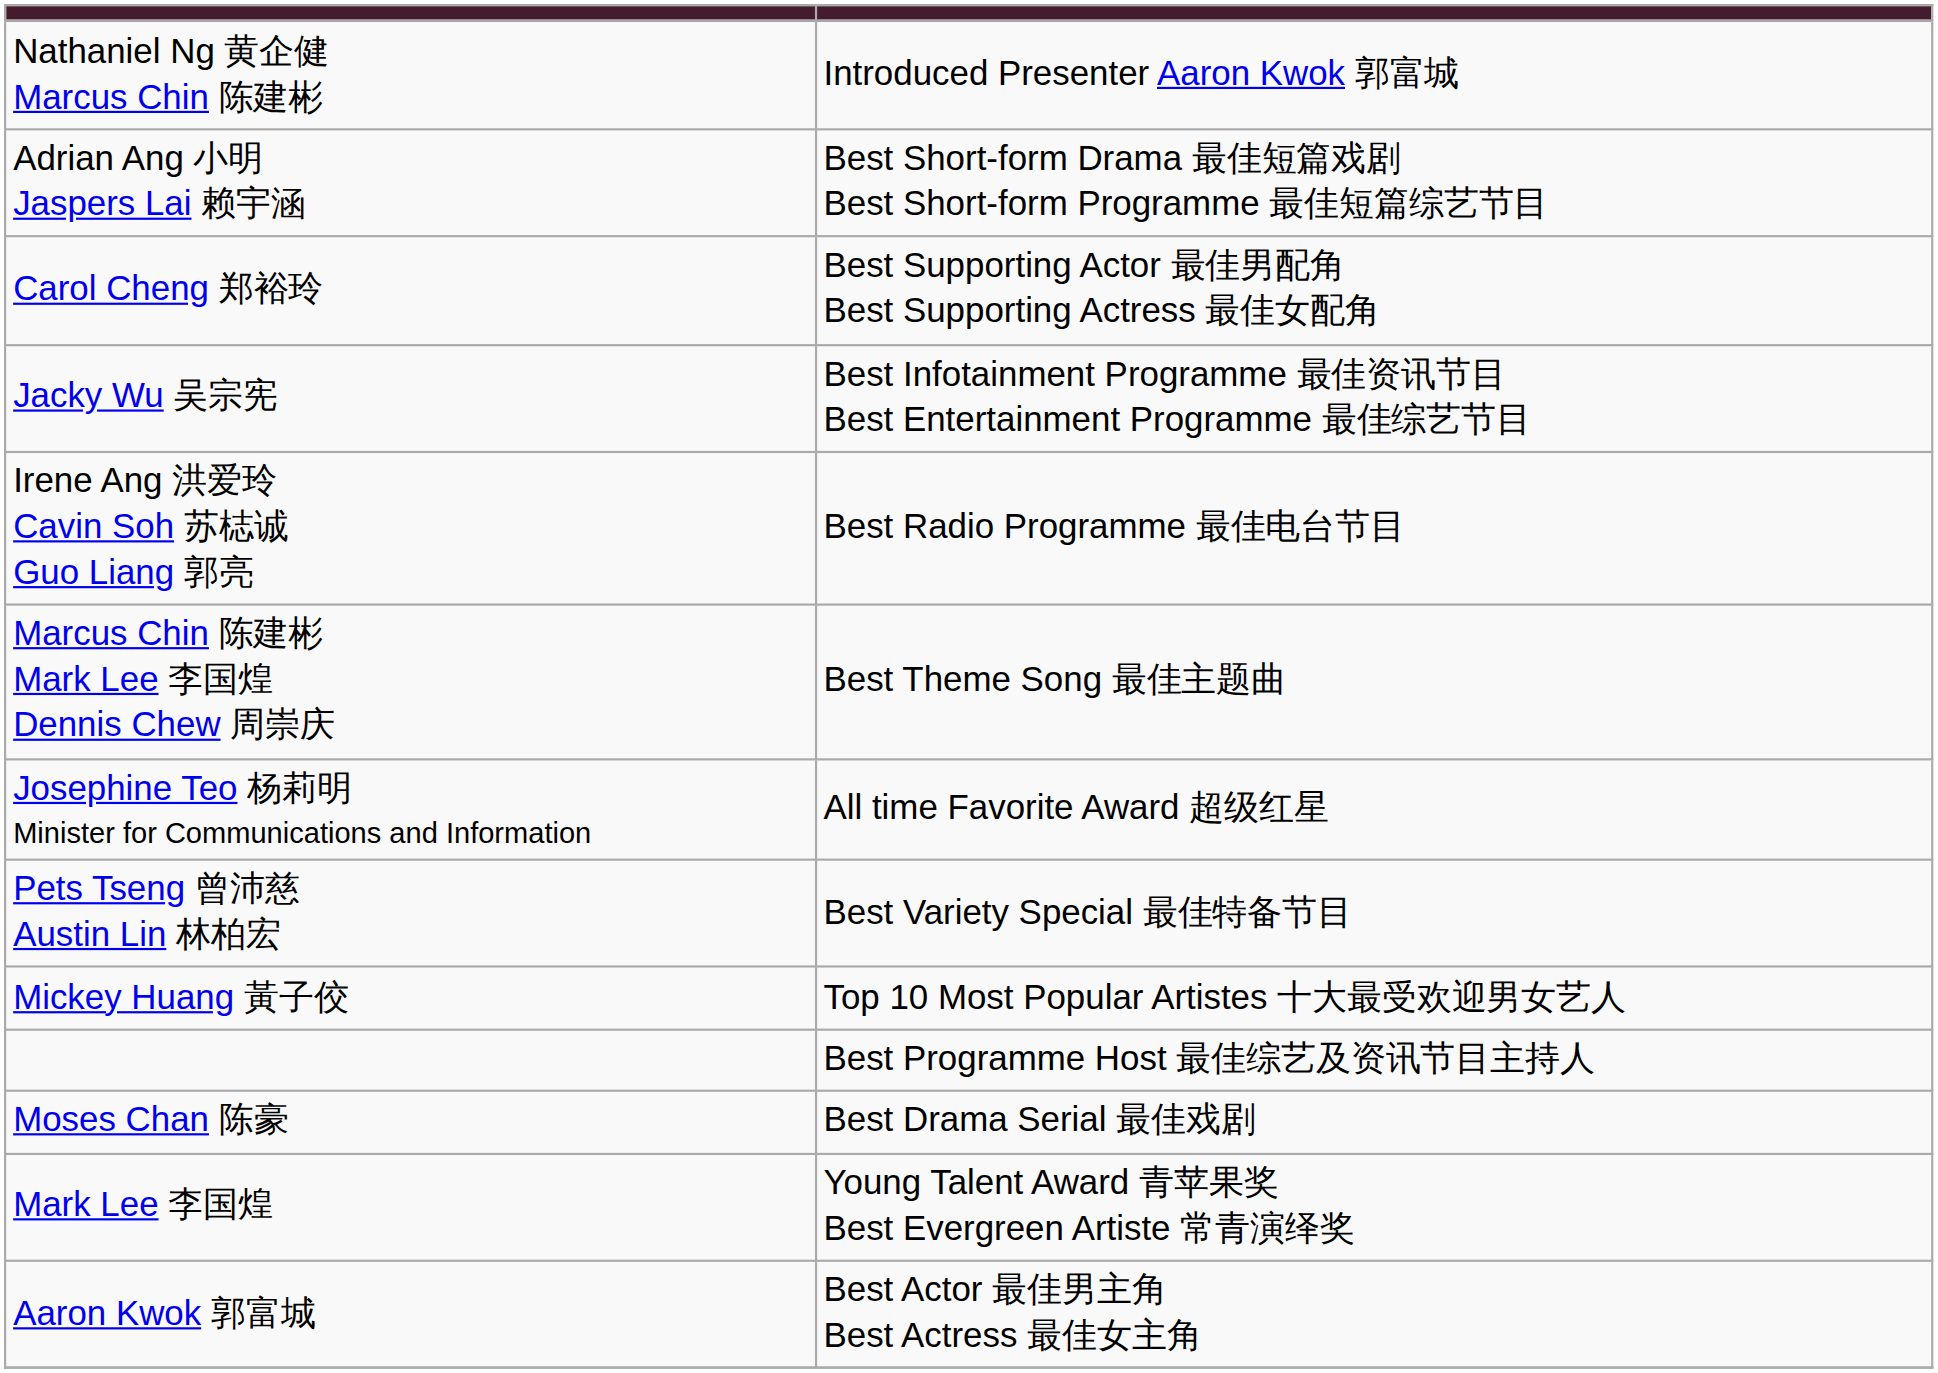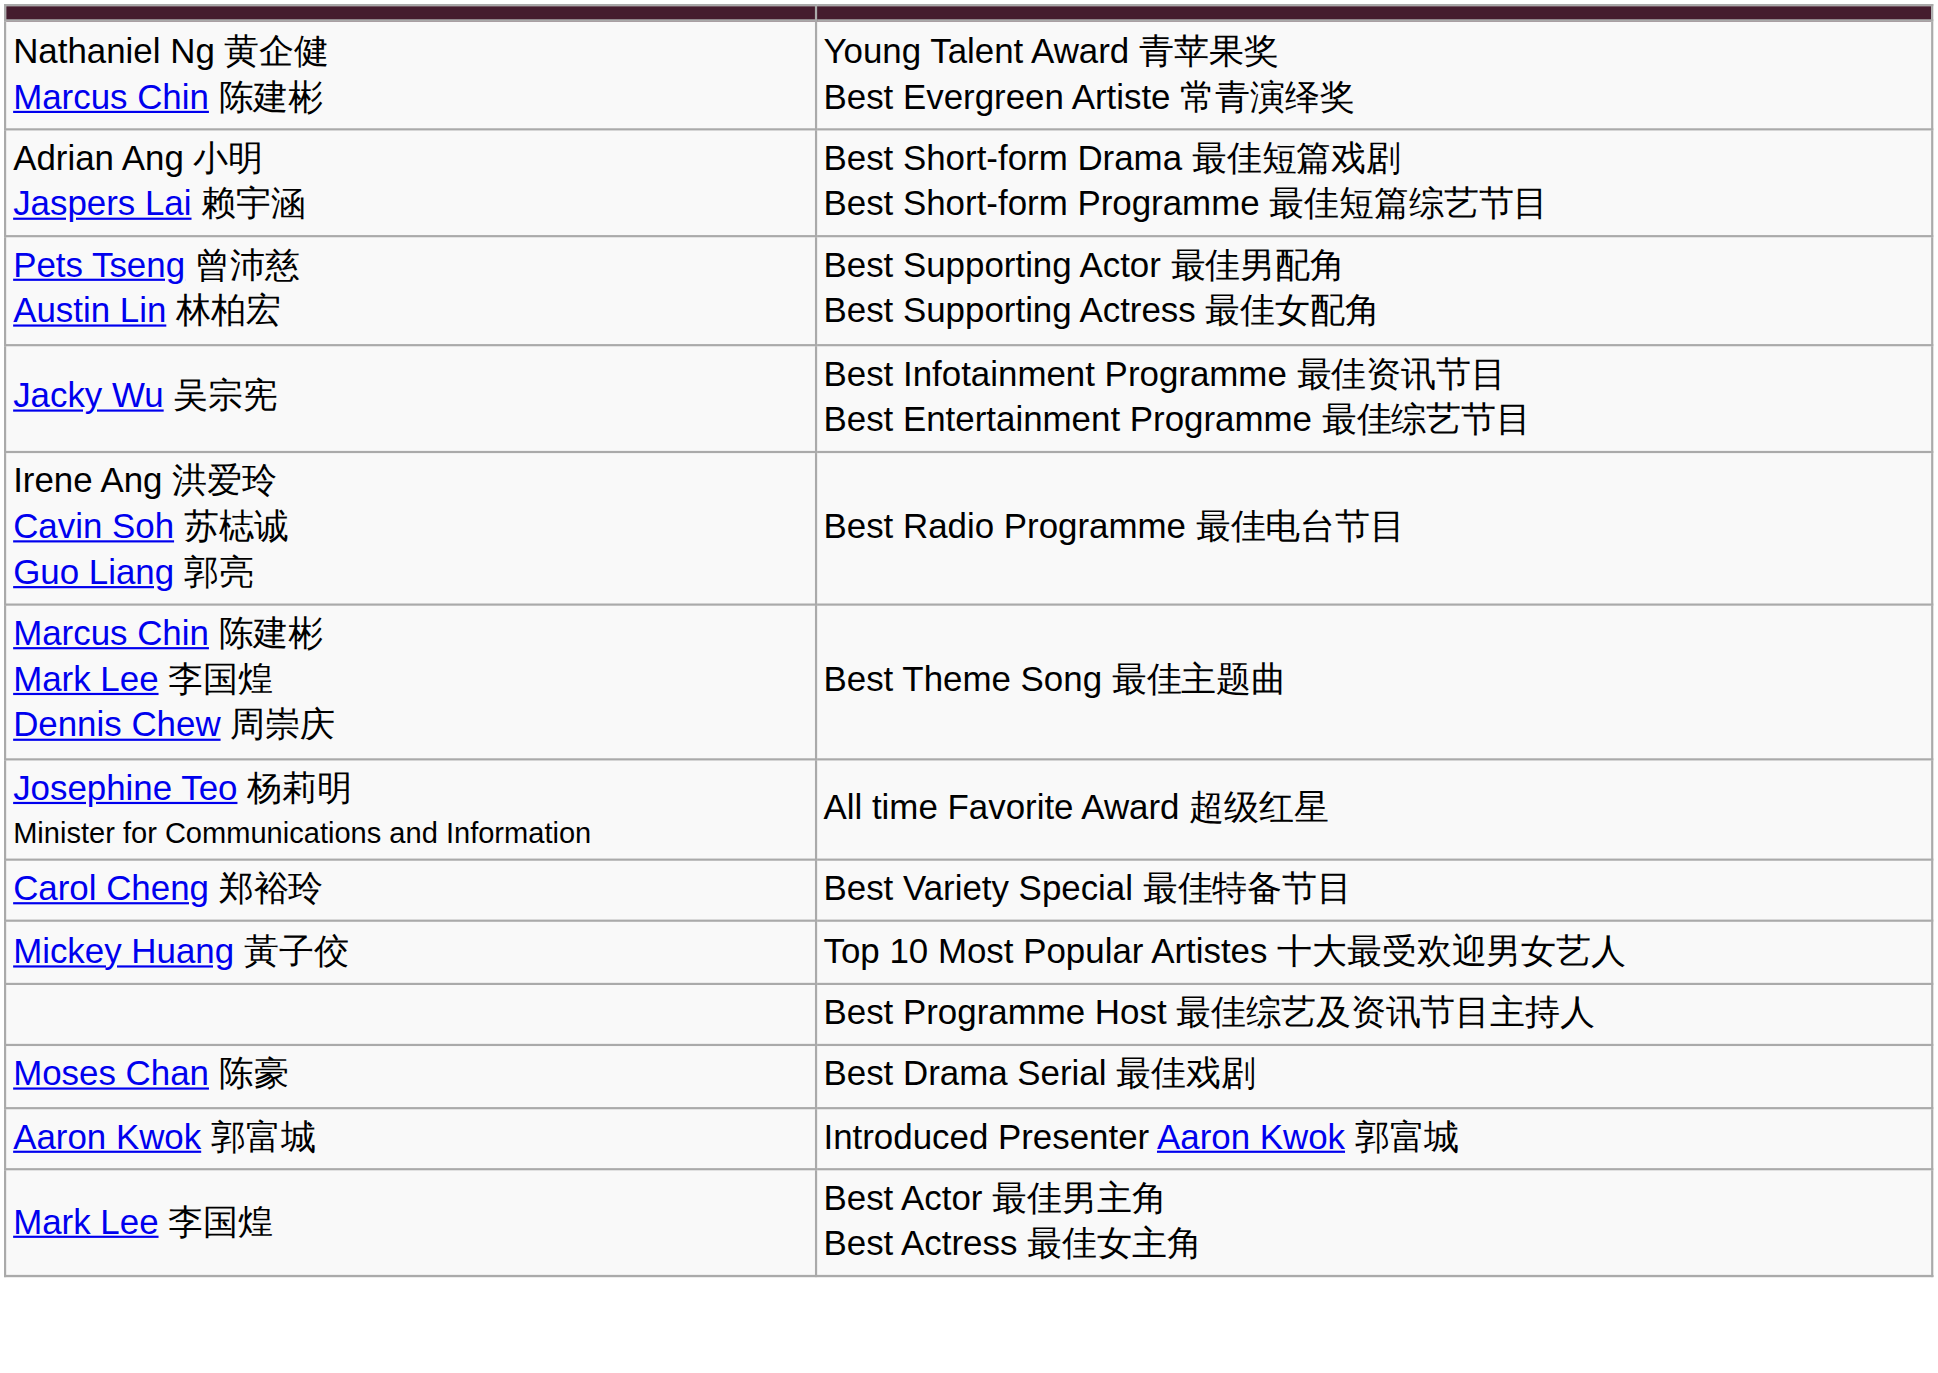 <table class="wikitable" style="width:70%; text-align:left">
 <tr>
 <th scope="col" style="background:#451c2e"></th>
 <th scope="col" style="background:#451c2e"></th>
 </tr>
 <tr>
 <td>Nathaniel Ng 黄企健 <br><a href='#'>Marcus Chin</a> 陈建彬</td>
-<td>Introduced Presenter <a href='#'>Aaron Kwok</a> 郭富城</td>
+<td>Young Talent Award 青苹果奖 <br> Best Evergreen Artiste 常青演绎奖</td>
 </tr>
 <tr>
 <td>Adrian Ang 小明 <br><a href='#'>Jaspers Lai</a> 赖宇涵</td>
 <td>Best Short-form Drama 最佳短篇戏剧<br> Best Short-form Programme 最佳短篇综艺节目</td>
 </tr>
 <tr>
-<td><a href='#'>Carol Cheng</a> 郑裕玲</td>
+<td><a href='#'>Pets Tseng</a> 曾沛慈 <br><a href='#'>Austin Lin</a> 林柏宏</td>
 <td>Best Supporting Actor 最佳男配角 <br> Best Supporting Actress 最佳女配角</td>
 </tr>
 <tr>
 <td><a href='#'>Jacky Wu</a> 吴宗宪</td>
 <td>Best Infotainment Programme 最佳资讯节目 <br> Best Entertainment Programme 最佳综艺节目</td>
 </tr>
 <tr>
 <td>Irene Ang  洪爱玲 <br> <a href='#'>Cavin Soh</a> 苏梽诚 <br><a href='#'>Guo Liang</a> 郭亮</td>
 <td>Best Radio Programme 最佳电台节目</td>
 </tr>
 <tr>
 <td><a href='#'>Marcus Chin</a> 陈建彬 <br> <a href='#'>Mark Lee</a> 李国煌 <br> <a href='#'>Dennis Chew</a> 周崇庆</td>
 <td>Best Theme Song 最佳主题曲</td>
 </tr>
 <tr>
 <td><a href='#'>Josephine Teo</a> 杨莉明 <br> <small>Minister for Communications and Information</small></td>
 <td>All time Favorite Award 超级红星</td>
 </tr>
 <tr>
-<td><a href='#'>Pets Tseng</a> 曾沛慈 <br><a href='#'>Austin Lin</a> 林柏宏</td>
+<td><a href='#'>Carol Cheng</a> 郑裕玲</td>
 <td>Best Variety Special 最佳特备节目</td>
 </tr>
 <tr>
 <td><a href='#'>Mickey Huang</a> 黃子佼</td>
 <td>Top 10 Most Popular Artistes 十大最受欢迎男女艺人</td>
 </tr>
 <tr>
 <td></td>
 <td>Best Programme Host 最佳综艺及资讯节目主持人</td>
 </tr>
 <tr>
 <td><a href='#'>Moses Chan</a> 陈豪</td>
 <td>Best Drama Serial 最佳戏剧</td>
 </tr>
 <tr>
-<td><a href='#'>Mark Lee</a> 李国煌</td>
-<td>Young Talent Award 青苹果奖 <br> Best Evergreen Artiste 常青演绎奖</td>
+<td><a href='#'>Aaron Kwok</a> 郭富城</td>
+<td>Introduced Presenter <a href='#'>Aaron Kwok</a> 郭富城</td>
 </tr>
 <tr>
-<td><a href='#'>Aaron Kwok</a> 郭富城</td>
+<td><a href='#'>Mark Lee</a> 李国煌</td>
 <td>Best Actor 最佳男主角 <br>Best Actress 最佳女主角</td>
 </tr>
 <tr>
 </tr>
 </table>
